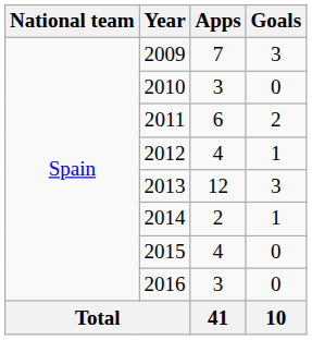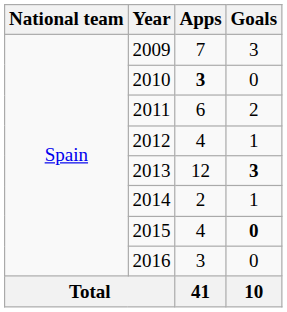 <table class=wikitable style=text-align:center>
 <tr>
 <th>National team</th>
 <th>Year</th>
 <th>Apps</th>
 <th>Goals</th>
 </tr>
 <tr>
 <td rowspan=8><a href='#'>Spain</a></td>
 <td>2009</td>
 <td>7</td>
 <td>3</td>
 </tr>
 <tr>
 <td>2010</td>
-<td>3</td>
+<td><strong>3</strong></td>
 <td>0</td>
 </tr>
 <tr>
 <td>2011</td>
 <td>6</td>
 <td>2</td>
 </tr>
 <tr>
 <td>2012</td>
 <td>4</td>
 <td>1</td>
 </tr>
 <tr>
 <td>2013</td>
 <td>12</td>
-<td>3</td>
+<td><strong>3</strong></td>
 </tr>
 <tr>
 <td>2014</td>
 <td>2</td>
 <td>1</td>
 </tr>
 <tr>
 <td>2015</td>
 <td>4</td>
-<td>0</td>
+<td><strong>0</strong></td>
 </tr>
 <tr>
 <td>2016</td>
 <td>3</td>
 <td>0</td>
 </tr>
 <tr>
 <th colspan=2>Total</th>
 <th>41</th>
 <th>10</th>
 </tr>
 </table>
